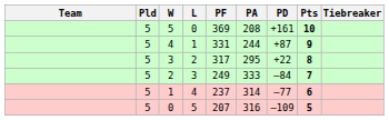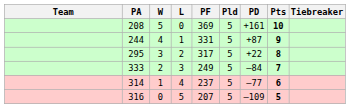 <table class="wikitable" style="text-align:center;">
 <tr>
 <th width=170>Team</th>
-<th width=25>Pld</th>
+<th width=35>PA</th>
 <th width=25>W</th>
 <th width=25>L</th>
 <th width=35>PF</th>
-<th width=35>PA</th>
+<th width=25>Pld</th>
 <th width=35>PD</th>
 <th width=25>Pts</th>
 <th width=50>Tiebreaker</th>
 </tr>
 <tr bgcolor=ccffcc>
 <td align="left"></td>
-<td>5</td>
+<td>208</td>
 <td>5</td>
 <td>0</td>
 <td>369</td>
-<td>208</td>
+<td>5</td>
 <td>+161</td>
 <td><strong>10</strong></td>
 <td></td>
 </tr>
 <tr bgcolor=ccffcc>
 <td align="left"></td>
-<td>5</td>
+<td>244</td>
 <td>4</td>
 <td>1</td>
 <td>331</td>
-<td>244</td>
+<td>5</td>
 <td>+87</td>
 <td><strong>9</strong></td>
 <td></td>
 </tr>
 <tr bgcolor=ccffcc>
 <td align="left"></td>
-<td>5</td>
+<td>295</td>
 <td>3</td>
 <td>2</td>
 <td>317</td>
-<td>295</td>
+<td>5</td>
 <td>+22</td>
 <td><strong>8</strong></td>
 <td></td>
 </tr>
 <tr bgcolor=ccffcc>
 <td align="left"></td>
-<td>5</td>
+<td>333</td>
 <td>2</td>
 <td>3</td>
 <td>249</td>
-<td>333</td>
+<td>5</td>
 <td>–84</td>
 <td><strong>7</strong></td>
 <td></td>
 </tr>
 <tr bgcolor=ffcccc>
 <td align="left"></td>
-<td>5</td>
+<td>314</td>
 <td>1</td>
 <td>4</td>
 <td>237</td>
-<td>314</td>
+<td>5</td>
 <td>–77</td>
 <td><strong>6</strong></td>
 <td></td>
 </tr>
 <tr bgcolor=ffcccc>
 <td align="left"></td>
-<td>5</td>
+<td>316</td>
 <td>0</td>
 <td>5</td>
 <td>207</td>
-<td>316</td>
+<td>5</td>
 <td>–109</td>
 <td><strong>5</strong></td>
 <td></td>
 </tr>
 </table>
